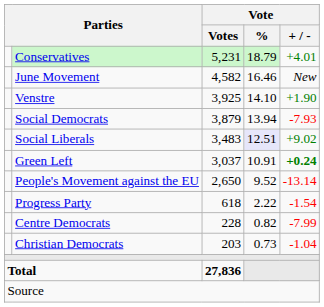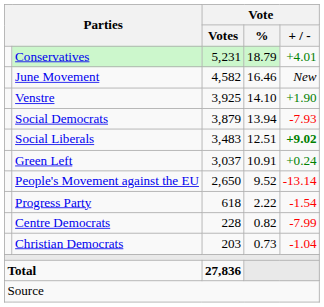 <table class="wikitable" style="text-align:right;">
 <tr>
 <th style="text-align:centre;" rowspan="2" colspan="2" width="225">Parties</th>
 <th colspan="3">Vote</th>
 </tr>
 <tr>
 <th width="15">Votes</th>
 <th width="15">%</th>
 <th width="15">+ / -</th>
 </tr>
 <tr>
 <td width="2" style="color:inherit;background:"></td>
 <td bgcolor=#ccf7cc   align="left"><a href='#'>Conservatives</a></td>
 <td bgcolor=#ccf7cc>5,231</td>
 <td bgcolor=#ccf7cc>18.79</td>
 <td style=color:green;>+4.01</td>
 </tr>
 <tr>
 <td width="2" style="color:inherit;background:"></td>
 <td align="left"><a href='#'>June Movement</a></td>
 <td>4,582</td>
 <td>16.46</td>
 <td><em>New</em></td>
 </tr>
 <tr>
 <td width="2" style="color:inherit;background:"></td>
 <td align="left"><a href='#'>Venstre</a></td>
 <td>3,925</td>
 <td>14.10</td>
 <td style=color:green;>+1.90</td>
 </tr>
 <tr>
 <td width="2" style="color:inherit;background:"></td>
 <td align="left"><a href='#'>Social Democrats</a></td>
 <td>3,879</td>
 <td>13.94</td>
 <td style=color:red;>-7.93</td>
 </tr>
 <tr>
 <td width="2" style="color:inherit;background:"></td>
 <td align="left"><a href='#'>Social Liberals</a></td>
 <td>3,483</td>
-<td style="background: lavender;">12.51</td>
-<td style=color:green;>+9.02</td>
+<td>12.51</td>
+<td style=color:green;><strong>+9.02</strong></td>
 </tr>
 <tr>
 <td width="2" style="color:inherit;background:"></td>
 <td align="left"><a href='#'>Green Left</a></td>
 <td>3,037</td>
 <td>10.91</td>
-<td style=color:green;><strong>+0.24</strong></td>
+<td style=color:green;>+0.24</td>
 </tr>
 <tr>
 <td width="2" style="color:inherit;background:"></td>
 <td align="left"><a href='#'>People's Movement against the EU</a></td>
 <td>2,650</td>
 <td>9.52</td>
 <td style=color:red;>-13.14</td>
 </tr>
 <tr>
 <td width="2" style="color:inherit;background:"></td>
 <td align="left"><a href='#'>Progress Party</a></td>
 <td>618</td>
 <td>2.22</td>
 <td style=color:red;>-1.54</td>
 </tr>
 <tr>
 <td width="2" style="color:inherit;background:"></td>
 <td align="left"><a href='#'>Centre Democrats</a></td>
 <td>228</td>
 <td>0.82</td>
 <td style=color:red;>-7.99</td>
 </tr>
 <tr>
 <td width="2" style="color:inherit;background:"></td>
 <td align="left"><a href='#'>Christian Democrats</a></td>
 <td>203</td>
 <td>0.73</td>
 <td style=color:red;>-1.04</td>
 </tr>
 <tr>
 <td colspan="7" bgcolor="#E9E9E9"></td>
 </tr>
 <tr>
 <td align="left" colspan="2"><strong>Total</strong></td>
 <td><strong>27,836</strong></td>
 <td bgcolor="#E9E9E9" colspan="2"></td>
 </tr>
 <tr>
 <td align="left" colspan="6">Source</td>
 </tr>
 </table>
